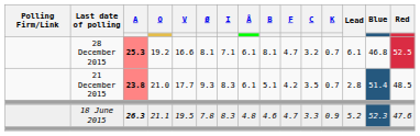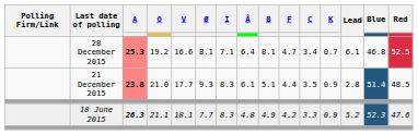 <table class="wikitable sortable " style="text-align:center;font-size:90%;line-height:14px;">
 <tr style="height:42px;">
 <th style="width:190px;" rowspan="2">Polling Firm/Link</th>
 <th style="width:130px;" rowspan="2">Last date<br>of polling</th>
 <th style="width:40px;"><a href='#'>A</a></th>
 <th style="width:40px;"><a href='#'>O</a></th>
 <th style="width:40px;"><a href='#'>V</a></th>
 <th style="width:40px;"><a href='#'>Ø</a></th>
 <th style="width:40px;"><a href='#'>I</a></th>
 <th style="width:40px;"><a href='#'>Å</a></th>
 <th style="width:40px;"><a href='#'>B</a></th>
 <th style="width:40px;"><a href='#'>F</a></th>
 <th style="width:40px;"><a href='#'>C</a></th>
 <th style="width:40px;"><a href='#'>K</a></th>
 <th style="width:30px;" rowspan="2">Lead</th>
 <th style="width:30px;">Blue</th>
 <th style="width:30px;">Red</th>
 </tr>
 <tr>
 <th style="color:inherit;background:"></th>
 <th style="color:inherit;background:#E4BD4A;"></th>
 <th style="color:inherit;background:"></th>
 <th style="color:inherit;background:"></th>
 <th style="color:inherit;background:"></th>
 <th style="color:inherit;background:#00FF00;"></th>
 <th style="color:inherit;background:"></th>
 <th style="color:inherit;background:"></th>
 <th style="color:inherit;background:"></th>
 <th style="color:inherit;background:"></th>
 <th style="background:#25587E; width:40px;"></th>
 <th style="background:#DA2C43; width:40px;"></th>
 </tr>
 <tr>
 <td></td>
 <td>28 December 2015</td>
 <td style="background:#ff8484"><strong>25.3</strong></td>
 <td>19.2</td>
 <td>16.6</td>
 <td>8.1</td>
 <td>7.1</td>
-<td>6.1</td>
+<td>6.4</td>
 <td>8.1</td>
 <td>4.7</td>
-<td>3.2</td>
+<td>3.4</td>
 <td>0.7</td>
 <td style="background:">6.1</td>
 <td>46.8</td>
 <td style="background:#DA2C43; color:white">52.5</td>
 </tr>
 <tr>
 <td></td>
 <td>21 December 2015</td>
 <td style="background:#ff8484"><strong>23.8</strong></td>
 <td>21.0</td>
 <td>17.7</td>
 <td>9.3</td>
 <td>8.3</td>
 <td>6.1</td>
 <td>5.1</td>
-<td>4.2</td>
+<td>4.4</td>
 <td>3.5</td>
-<td>0.7</td>
+<td>0.9</td>
 <td style="background:">2.8</td>
 <td style="background:#25587E; color:white;">51.4</td>
 <td>48.5</td>
 </tr>
 <tr>
 <td colspan="15" style="background:#A0A0A0"></td>
 </tr>
 <tr style="background:#EFEFEF;">
 <td><em></em></td>
 <td><em>18 June 2015</em></td>
 <td><strong><em>26.3</em></strong></td>
 <td><em>21.1</em></td>
-<td><em>19.5</em></td>
-<td><em>7.8</em></td>
+<td><em>18.1</em></td>
+<td><em>7.7</em></td>
 <td><em>8.3</em></td>
 <td><em>4.8</em></td>
-<td><em>4.6</em></td>
-<td><em>4.7</em></td>
+<td><em>4.9</em></td>
+<td><em>4.2</em></td>
 <td><em>3.3</em></td>
 <td><em>0.9</em></td>
 <td style="background:"><em>5.2</em></td>
 <td style="background:#25587E; color:white;"><em>52.3</em></td>
 <td><em>47.6</em></td>
 </tr>
 <tr>
 <td colspan="15" style="background:#A0A0A0"></td>
 </tr>
 <tr>
 </tr>
 </table>
